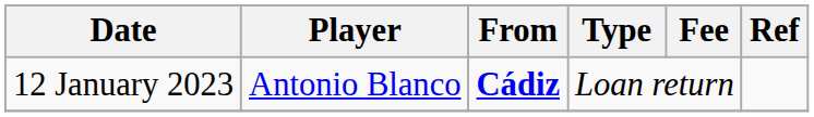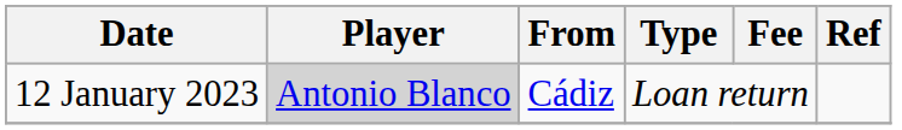 <table class="wikitable">
 <tr>
 <th>Date</th>
 <th>Player</th>
 <th>From</th>
 <th>Type</th>
 <th>Fee</th>
 <th>Ref</th>
 </tr>
 <tr>
 <td>12 January 2023</td>
-<td> <a href='#'>Antonio Blanco</a></td>
-<td><strong><a href='#'>Cádiz</a></strong></td>
+<td style="background: lightgrey;"> <a href='#'>Antonio Blanco</a></td>
+<td><a href='#'>Cádiz</a></td>
 <td colspan=2 align=center><em>Loan return</em></td>
 <td align=center></td>
 </tr>
 <tr>
 </tr>
 </table>
